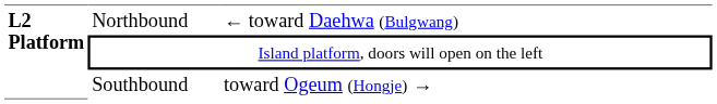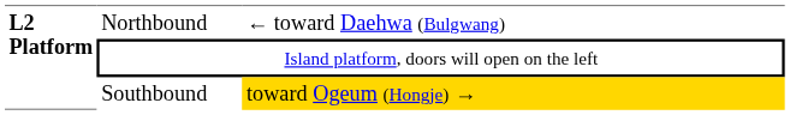 <table table border=0 cellspacing=0 cellpadding=3>
 <tr>
 <td style="border-top:solid 1px gray;border-bottom:solid 1px gray;" width=50 rowspan=10 valign=top><strong>L2<br>Platform</strong></td>
 <td style="border-bottom:solid 0px gray;border-top:solid 1px gray;" width=100>Northbound</td>
 <td style="border-bottom:solid 0px gray;border-top:solid 1px gray;" width=390>←  toward <a href='#'>Daehwa</a> <small>(<a href='#'>Bulgwang</a>)</small></td>
 </tr>
 <tr>
 <td style="border-top:solid 2px black;border-right:solid 2px black;border-left:solid 2px black;border-bottom:solid 2px black;text-align:center;" colspan=2><small><a href='#'>Island platform</a>, doors will open on the left</small></td>
 </tr>
 <tr>
 <td>Southbound</td>
-<td>  toward <a href='#'>Ogeum</a> <small>(<a href='#'>Hongje</a>)</small> →</td>
+<td style="background: gold;">  toward <a href='#'>Ogeum</a> <small>(<a href='#'>Hongje</a>)</small> →</td>
 </tr>
 </table>
